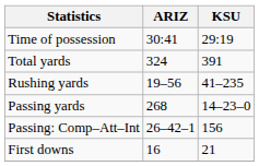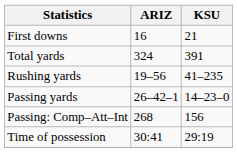 <table class="wikitable" style="float: left;">
 <tr>
 <th>Statistics</th>
 <th>ARIZ</th>
 <th>KSU</th>
 </tr>
 <tr>
-<td>Time of possession</td>
-<td>30:41</td>
-<td>29:19</td>
+<td>First downs</td>
+<td>16</td>
+<td>21</td>
 </tr>
 <tr>
 <td>Total yards</td>
 <td>324</td>
 <td>391</td>
 </tr>
 <tr>
 <td>Rushing yards</td>
 <td>19–56</td>
 <td>41–235</td>
 </tr>
 <tr>
 <td>Passing yards</td>
-<td>268</td>
+<td>26–42–1</td>
 <td>14–23–0</td>
 </tr>
 <tr>
 <td>Passing: Comp–Att–Int</td>
-<td>26–42–1</td>
+<td>268</td>
 <td>156</td>
 </tr>
 <tr>
-<td>First downs</td>
-<td>16</td>
-<td>21</td>
+<td>Time of possession</td>
+<td>30:41</td>
+<td>29:19</td>
 </tr>
 <tr>
 </tr>
 </table>
